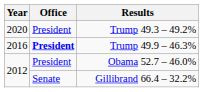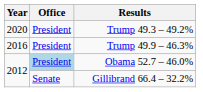 <table class=wikitable>
 <tr>
 <th width="30">Year</th>
 <th width="60">Office</th>
 <th width="180">Results</th>
 </tr>
 <tr>
 <td>2020</td>
 <td><a href='#'>President</a></td>
 <td align="right" ><a href='#'>Trump</a> 49.3 – 49.2%</td>
 </tr>
 <tr>
 <td>2016</td>
-<td><strong><a href='#'>President</a></strong></td>
+<td><a href='#'>President</a></td>
 <td align="right" ><a href='#'>Trump</a> 49.9 – 46.3%</td>
 </tr>
 <tr>
 <td rowspan="2">2012</td>
-<td><a href='#'>President</a></td>
+<td style="background: lightblue;"><a href='#'>President</a></td>
 <td align="right" ><a href='#'>Obama</a> 52.7 – 46.0%</td>
 </tr>
 <tr>
 <td><a href='#'>Senate</a></td>
 <td align="right" ><a href='#'>Gillibrand</a> 66.4 – 32.2%</td>
 </tr>
 </table>
